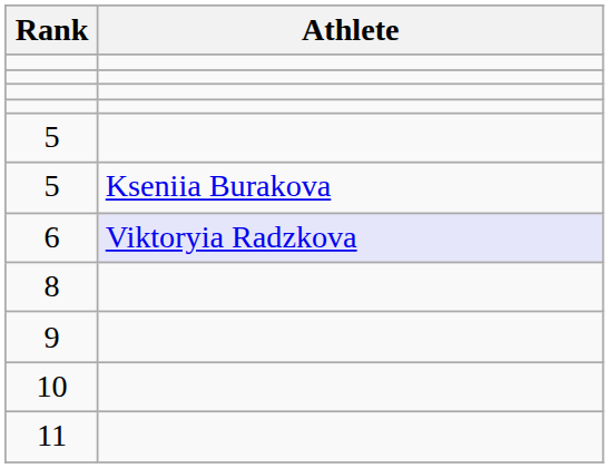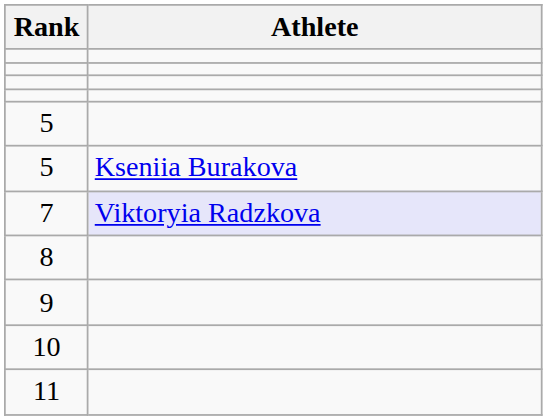 <table class="wikitable" style="text-align: center;">
 <tr>
 <th width=40>Rank</th>
 <th width=250>Athlete</th>
 </tr>
 <tr>
 <td></td>
 <td align="left"></td>
 </tr>
 <tr>
 <td></td>
 <td align="left"></td>
 </tr>
 <tr>
 <td></td>
 <td align="left"></td>
 </tr>
 <tr>
 <td></td>
 <td align="left"></td>
 </tr>
 <tr>
 <td>5</td>
 <td align="left"></td>
 </tr>
 <tr>
 <td>5</td>
 <td align="left"> <a href='#'>Kseniia Burakova</a> </td>
 </tr>
 <tr>
-<td>6</td>
+<td>7</td>
 <td align="left" style="background: lavender;"> <a href='#'>Viktoryia Radzkova</a> </td>
 </tr>
 <tr>
 <td>8</td>
 <td align="left"></td>
 </tr>
 <tr>
 <td>9</td>
 <td align="left"></td>
 </tr>
 <tr>
 <td>10</td>
 <td align="left"></td>
 </tr>
 <tr>
 <td>11</td>
 <td align="left"></td>
 </tr>
 </table>
